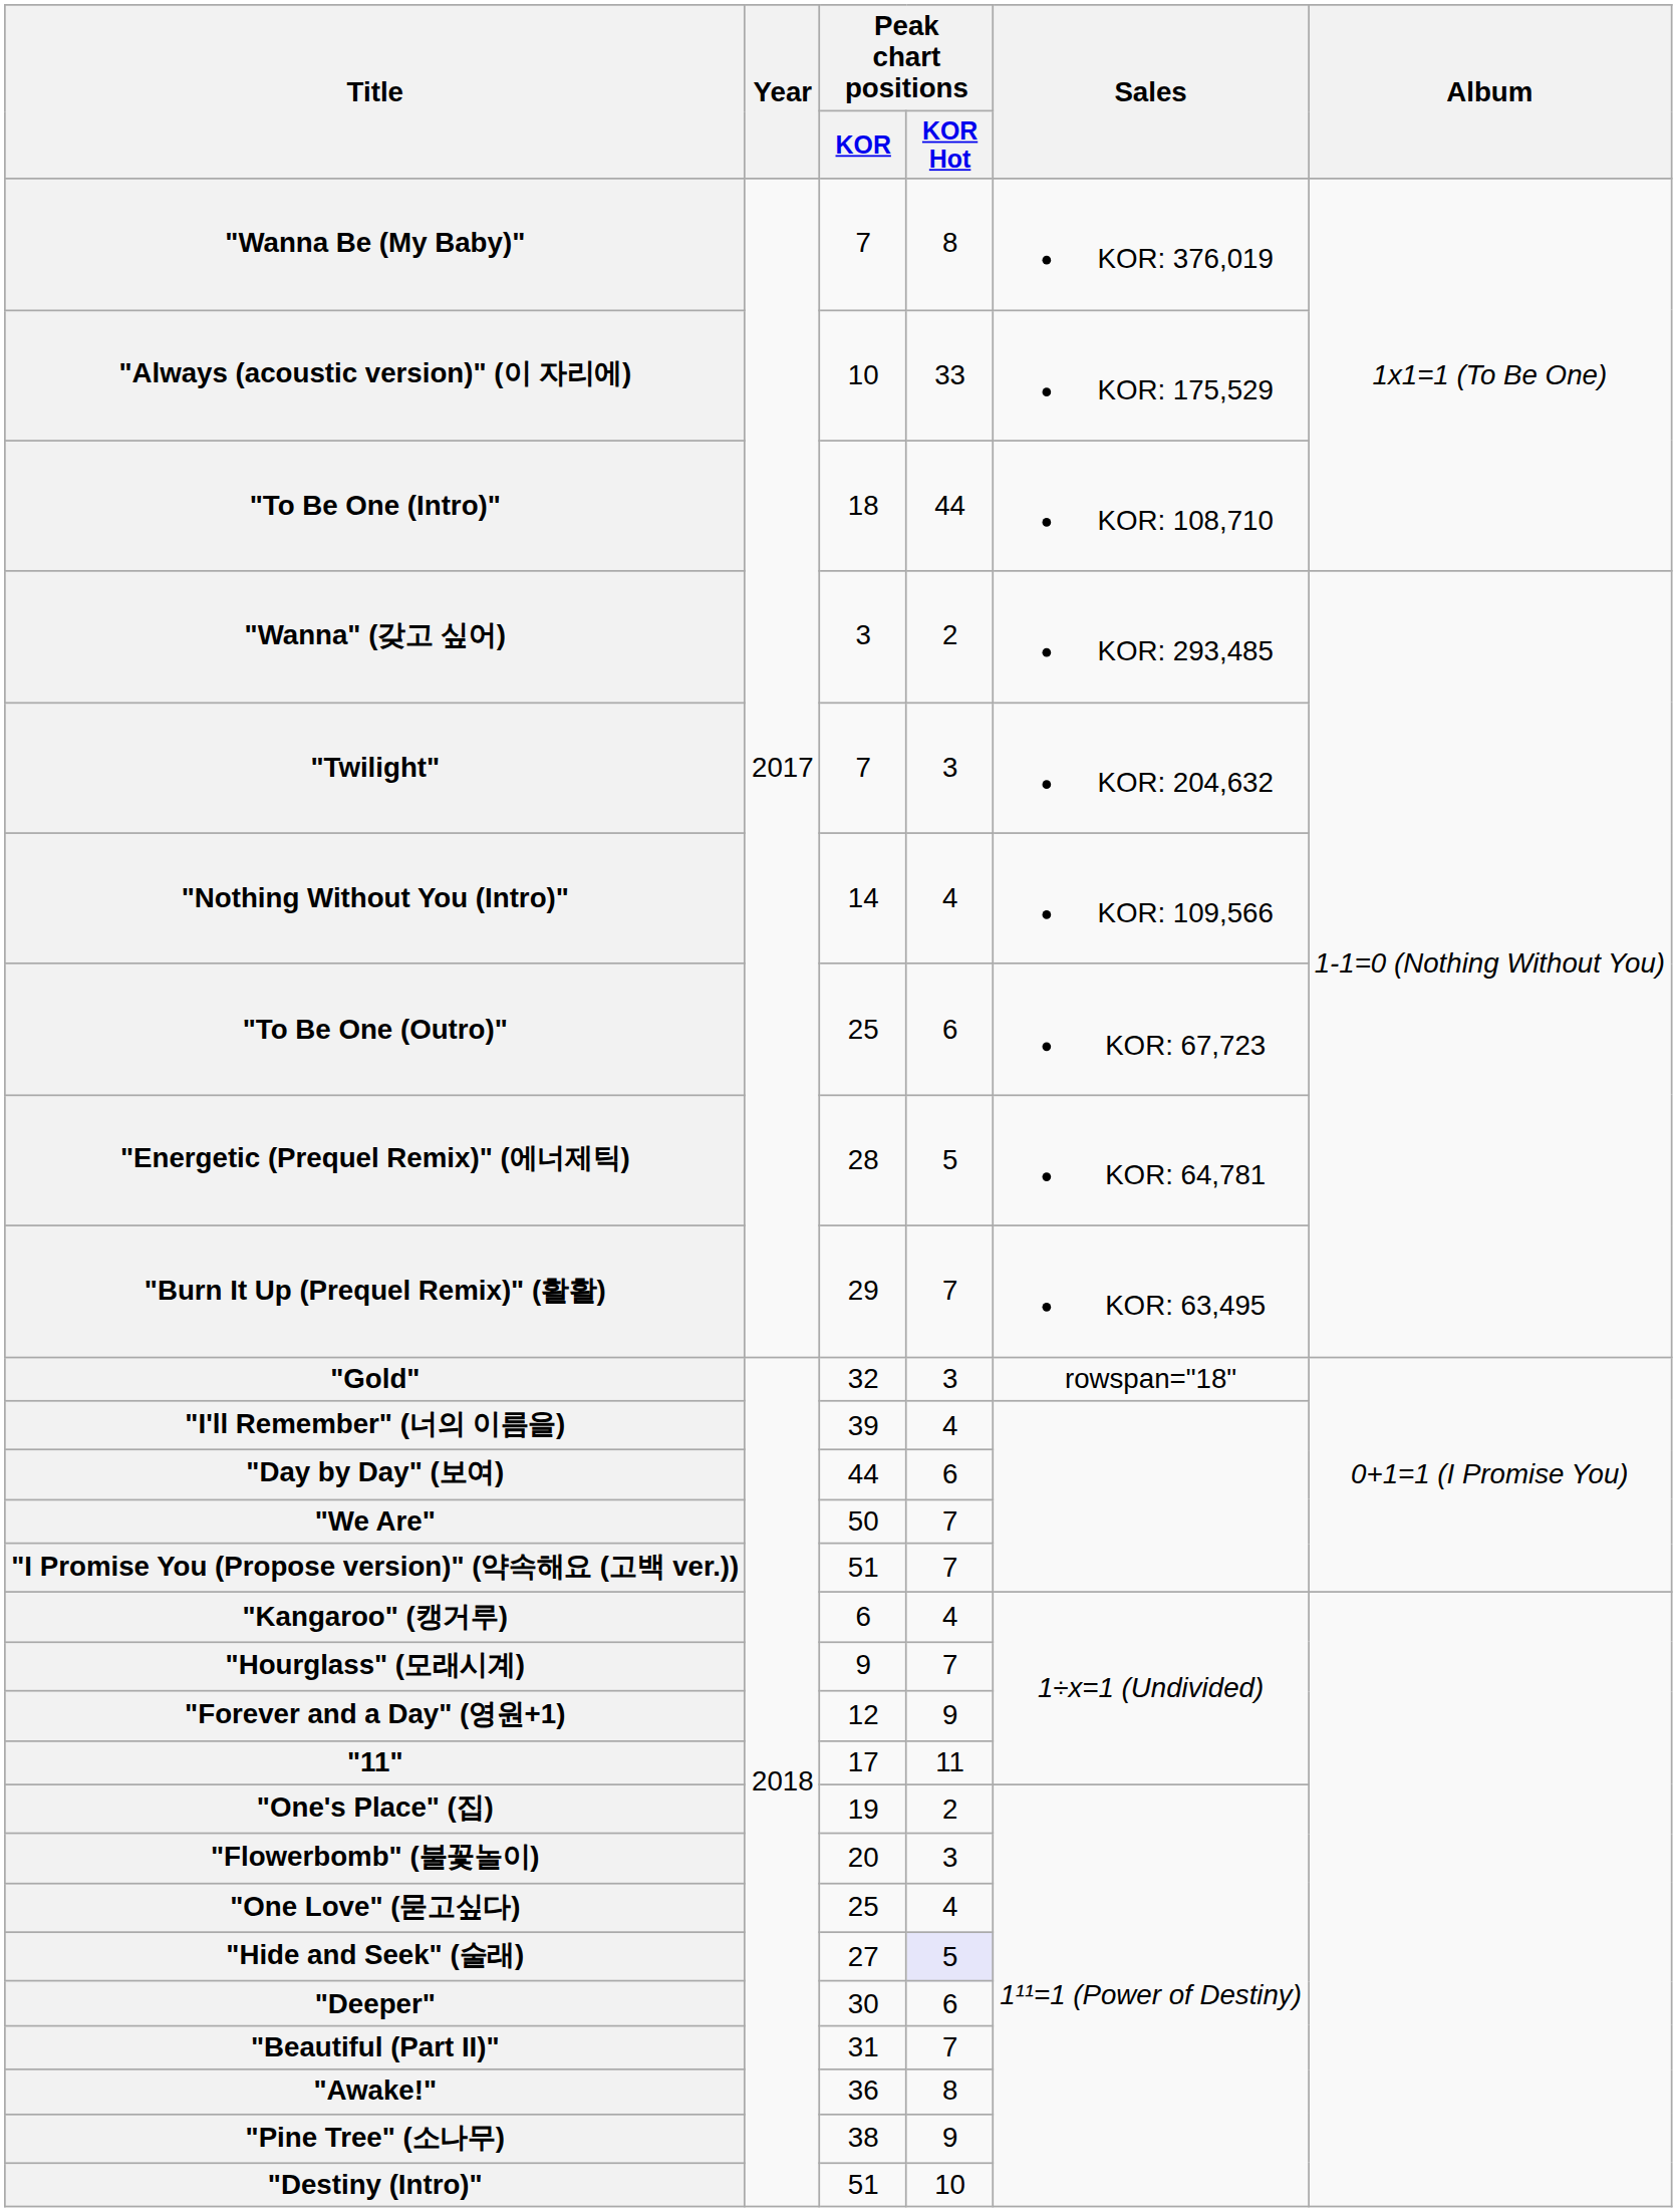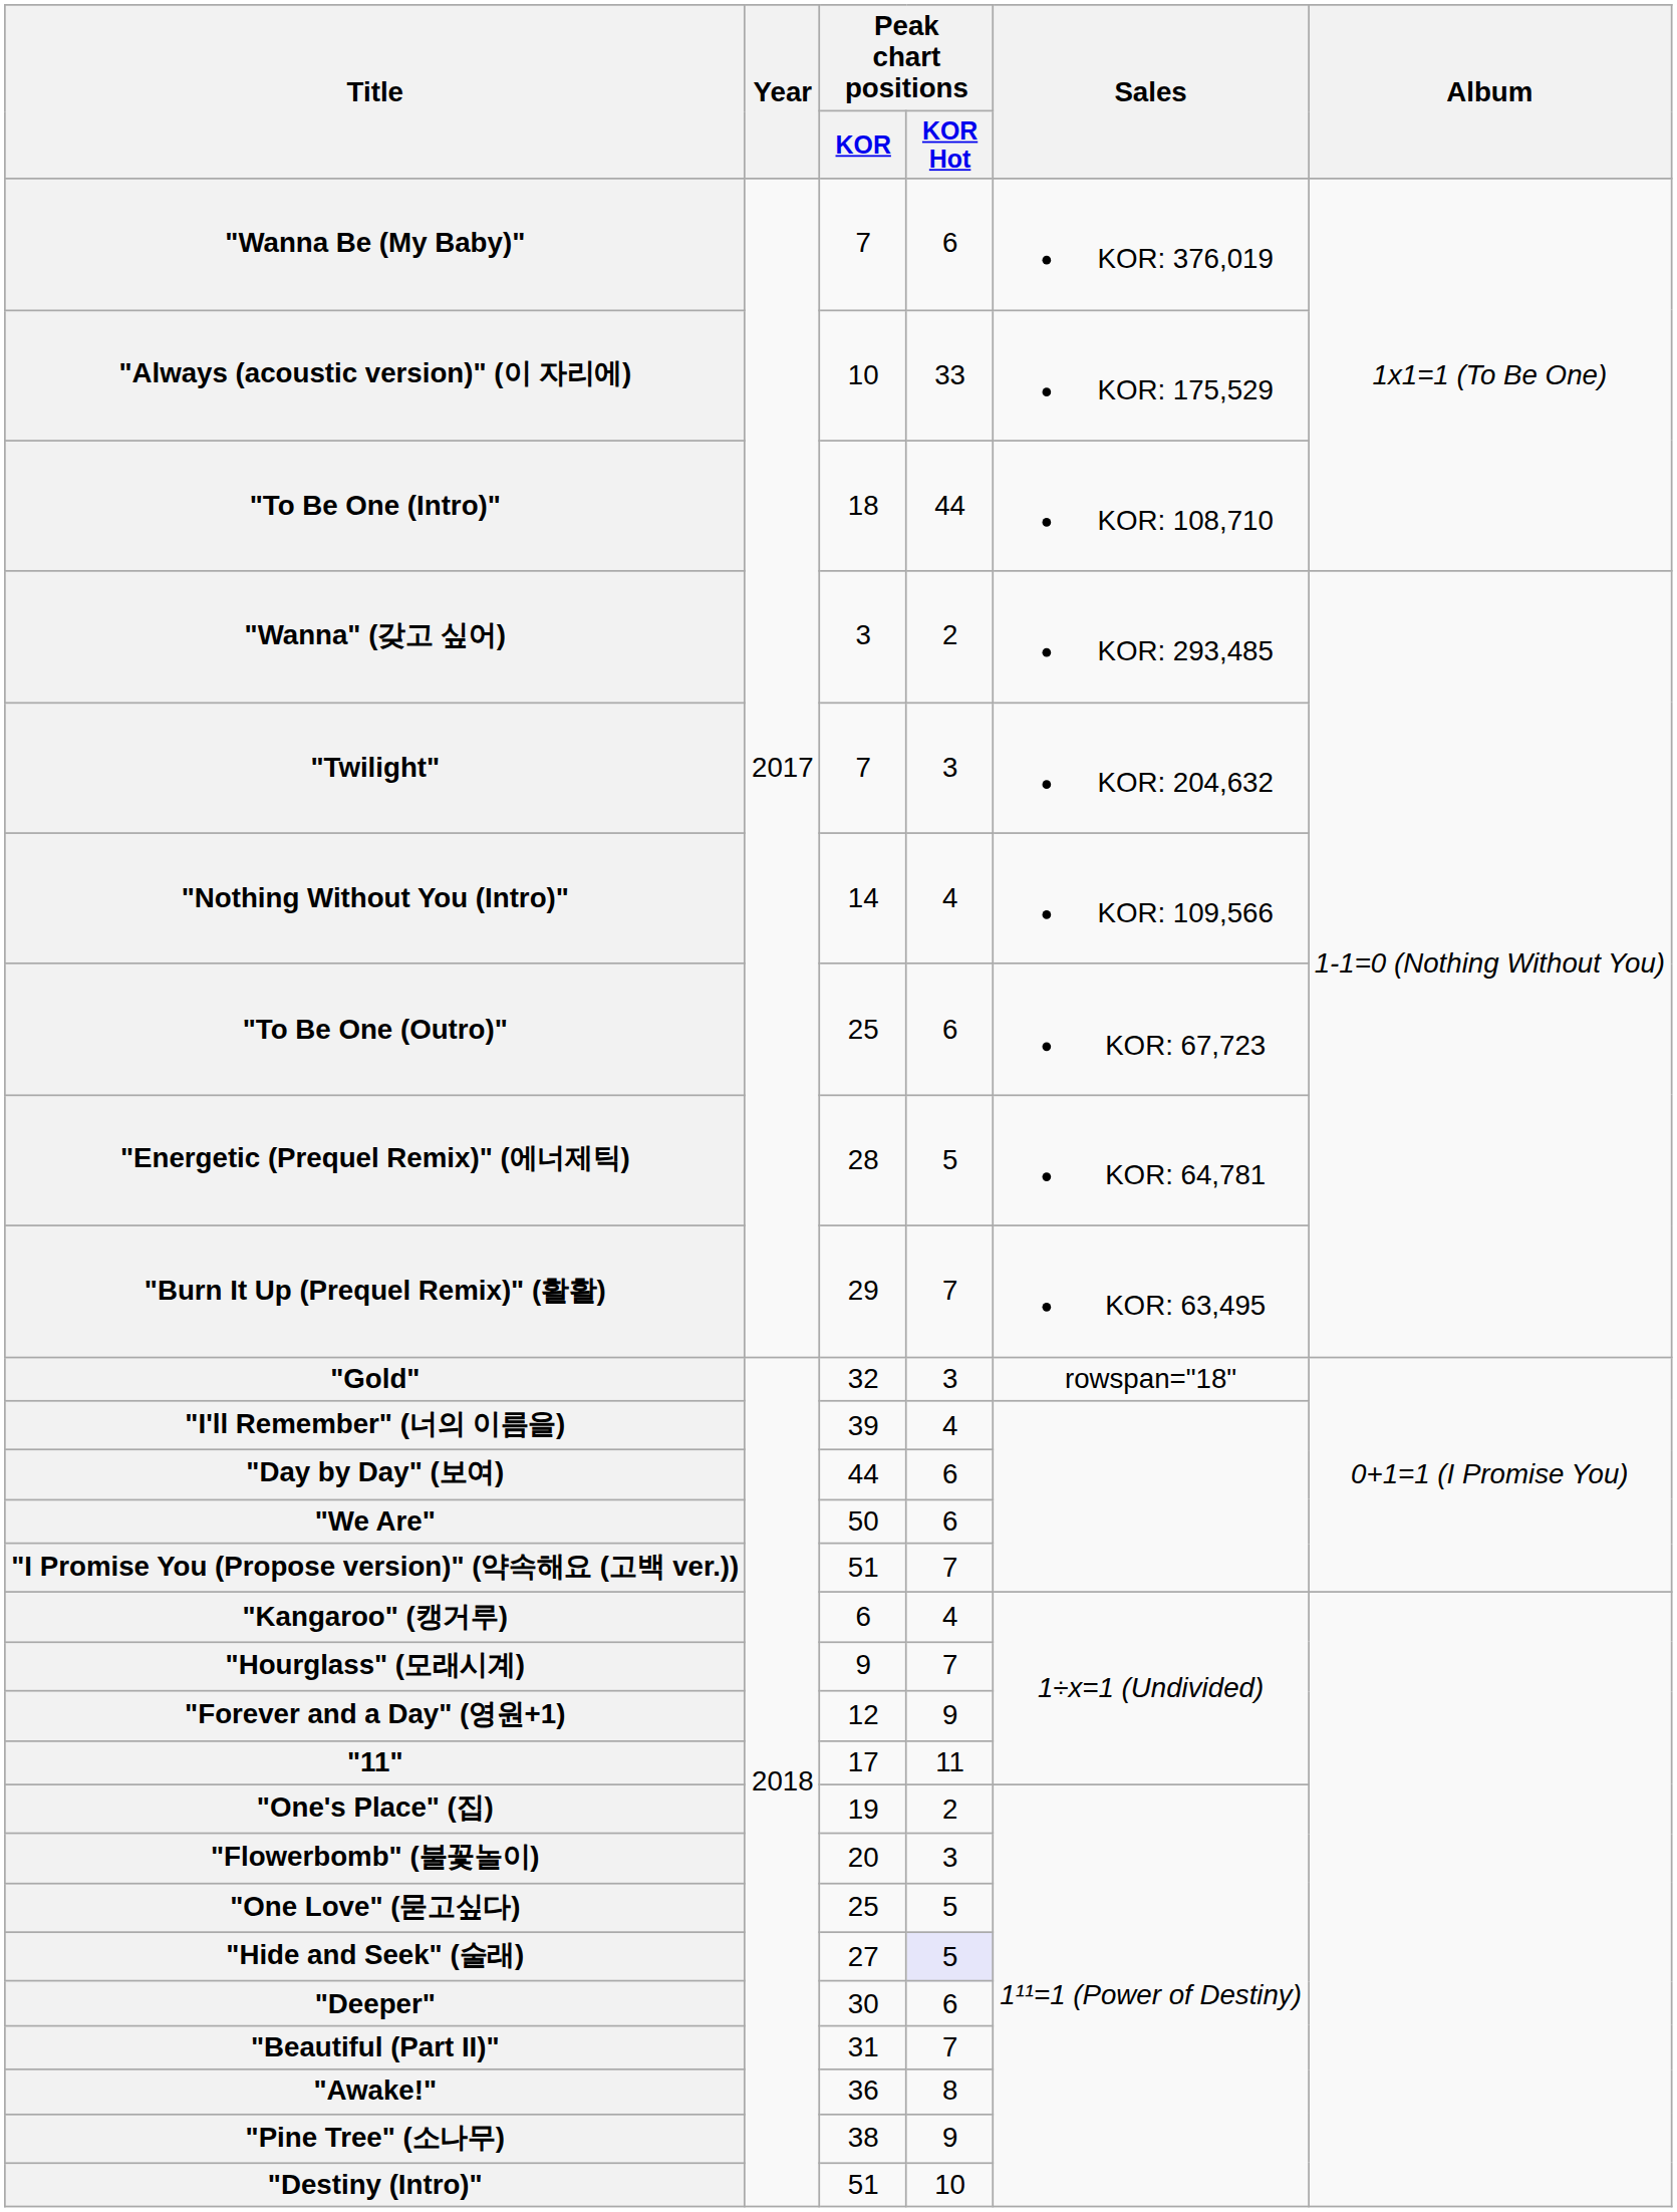 <table class="wikitable plainrowheaders" style="text-align:center;" border="1">
 <tr>
 <th scope="col" rowspan="2">Title</th>
 <th scope="col" rowspan="2">Year</th>
 <th scope="col" colspan="2">Peak<br>chart<br>positions</th>
 <th scope="col" rowspan="2">Sales</th>
 <th scope="col" rowspan="2">Album</th>
 </tr>
 <tr>
 <th scope="col" style="width:3em;font-size:90%;"><a href='#'>KOR</a><br></th>
 <th scope="col" style="width:3em;font-size:90%;"><a href='#'>KOR<br>Hot</a><br></th>
 </tr>
 <tr>
 <th scope="row">"Wanna Be (My Baby)"</th>
 <td rowspan="9">2017</td>
 <td>7</td>
-<td>8</td>
+<td>6</td>
 <td><br><ul><li>KOR: 376,019</li></ul></td>
 <td rowspan="3"><em>1x1=1 (To Be One)</em></td>
 </tr>
 <tr>
 <th scope="row">"Always (acoustic version)" (이 자리에)</th>
 <td>10</td>
 <td>33</td>
 <td><br><ul><li>KOR: 175,529</li></ul></td>
 </tr>
 <tr>
 <th scope="row">"To Be One (Intro)"</th>
 <td>18</td>
 <td>44</td>
 <td><br><ul><li>KOR: 108,710</li></ul></td>
 </tr>
 <tr>
 <th scope="row">"Wanna" (갖고 싶어)</th>
 <td>3</td>
 <td>2</td>
 <td><br><ul><li>KOR: 293,485</li></ul></td>
 <td rowspan="6"><em>1-1=0 (Nothing Without You)</em></td>
 </tr>
 <tr>
 <th scope="row">"Twilight"</th>
 <td>7</td>
 <td>3</td>
 <td><br><ul><li>KOR: 204,632</li></ul></td>
 </tr>
 <tr>
 <th scope="row">"Nothing Without You (Intro)"</th>
 <td>14</td>
 <td>4</td>
 <td><br><ul><li>KOR: 109,566</li></ul></td>
 </tr>
 <tr>
 <th scope="row">"To Be One (Outro)"</th>
 <td>25</td>
 <td>6</td>
 <td><br><ul><li>KOR: 67,723</li></ul></td>
 </tr>
 <tr>
 <th scope="row">"Energetic (Prequel Remix)" (에너제틱)</th>
 <td>28</td>
 <td>5</td>
 <td><br><ul><li>KOR: 64,781</li></ul></td>
 </tr>
 <tr>
 <th scope="row">"Burn It Up (Prequel Remix)" (활활)</th>
 <td>29</td>
 <td>7</td>
 <td><br><ul><li>KOR: 63,495</li></ul></td>
 </tr>
 <tr>
 <th scope="row">"Gold"</th>
 <td rowspan="18">2018</td>
 <td>32</td>
 <td>3</td>
 <td>rowspan="18" </td>
 <td rowspan="5"><em>0+1=1 (I Promise You)</em></td>
 </tr>
 <tr>
 <th scope="row">"I'll Remember" (너의 이름을)</th>
 <td>39</td>
 <td>4</td>
 </tr>
 <tr>
 <th scope="row">"Day by Day" (보여)</th>
 <td>44</td>
 <td>6</td>
 </tr>
 <tr>
 <th scope="row">"We Are"</th>
 <td>50</td>
-<td>7</td>
+<td>6</td>
 </tr>
 <tr>
 <th scope="row">"I Promise You (Propose version)" (약속해요 (고백 ver.))</th>
 <td>51</td>
 <td>7</td>
 </tr>
 <tr>
 <th scope="row">"Kangaroo" (캥거루)<br></th>
 <td>6</td>
 <td>4</td>
 <td rowspan="4"><em>1÷x=1 (Undivided)</em></td>
 </tr>
 <tr>
 <th scope="row">"Hourglass" (모래시계)<br></th>
 <td>9</td>
 <td>7</td>
 </tr>
 <tr>
 <th scope="row">"Forever and a Day" (영원+1)<br></th>
 <td>12</td>
 <td>9</td>
 </tr>
 <tr>
 <th scope="row">"11" <br></th>
 <td>17</td>
 <td>11</td>
 </tr>
 <tr>
 <th scope="row">"One's Place" (집)</th>
 <td>19</td>
 <td>2</td>
 <td rowspan="9"><em>1¹¹=1 (Power of Destiny)</em></td>
 </tr>
 <tr>
 <th scope="row">"Flowerbomb" (불꽃놀이)</th>
 <td>20</td>
 <td>3</td>
 </tr>
 <tr>
 <th scope="row">"One Love" (묻고싶다)</th>
 <td>25</td>
-<td>4</td>
+<td>5</td>
 </tr>
 <tr>
 <th scope="row">"Hide and Seek" (술래)</th>
 <td>27</td>
 <td style="background: lavender;">5</td>
 </tr>
 <tr>
 <th scope="row">"Deeper"</th>
 <td>30</td>
 <td>6</td>
 </tr>
 <tr>
 <th scope="row">"Beautiful (Part II)"</th>
 <td>31</td>
 <td>7</td>
 </tr>
 <tr>
 <th scope="row">"Awake!"</th>
 <td>36</td>
 <td>8</td>
 </tr>
 <tr>
 <th scope="row">"Pine Tree" (소나무)</th>
 <td>38</td>
 <td>9</td>
 </tr>
 <tr>
 <th scope="row">"Destiny (Intro)"</th>
 <td>51</td>
 <td>10</td>
 </tr>
 </table>
